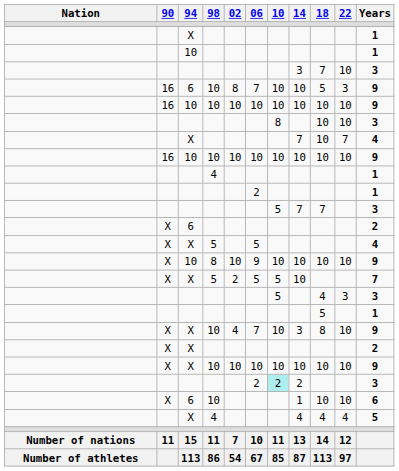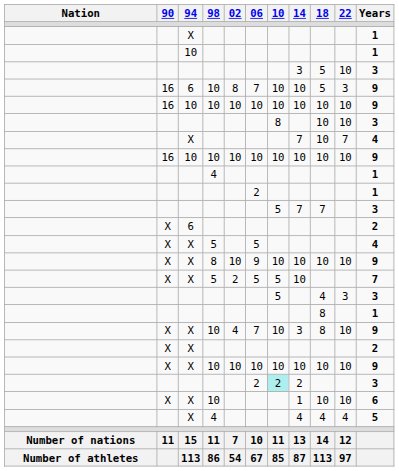 <table class=wikitable style="text-align:center">
 <tr>
 <th width=180>Nation</th>
 <th width=20><a href='#'>90</a></th>
 <th width=20><a href='#'>94</a></th>
 <th width=20><a href='#'>98</a></th>
 <th width=20><a href='#'>02</a></th>
 <th width=20><a href='#'>06</a></th>
 <th width=20><a href='#'>10</a></th>
 <th width=20><a href='#'>14</a></th>
 <th width=20><a href='#'>18</a></th>
 <th width=20><a href='#'>22</a></th>
 <th width=40>Years</th>
 </tr>
 <tr bgcolor=#DDDDDD>
 <td colspan=11></td>
 </tr>
 <tr>
 <td align=left></td>
 <td></td>
 <td>X</td>
 <td></td>
 <td></td>
 <td></td>
 <td></td>
 <td></td>
 <td></td>
 <td></td>
 <td><strong>1</strong></td>
 </tr>
 <tr>
 <td align=left></td>
 <td></td>
 <td>10</td>
 <td></td>
 <td></td>
 <td></td>
 <td></td>
 <td></td>
 <td></td>
 <td></td>
 <td><strong>1</strong></td>
 </tr>
 <tr>
 <td align=left></td>
 <td></td>
 <td></td>
 <td></td>
 <td></td>
 <td></td>
 <td></td>
 <td>3</td>
-<td>7</td>
+<td>5</td>
 <td>10</td>
 <td><strong>3</strong></td>
 </tr>
 <tr>
 <td align=left></td>
 <td>16</td>
 <td>6</td>
 <td>10</td>
 <td>8</td>
 <td>7</td>
 <td>10</td>
 <td>10</td>
 <td>5</td>
 <td>3</td>
 <td><strong>9</strong></td>
 </tr>
 <tr>
 <td align=left></td>
 <td>16</td>
 <td>10</td>
 <td>10</td>
 <td>10</td>
 <td>10</td>
 <td>10</td>
 <td>10</td>
 <td>10</td>
 <td>10</td>
 <td><strong>9</strong></td>
 </tr>
 <tr>
 <td align=left></td>
 <td></td>
 <td></td>
 <td></td>
 <td></td>
 <td></td>
 <td>8</td>
 <td></td>
 <td>10</td>
 <td>10</td>
 <td><strong>3</strong></td>
 </tr>
 <tr>
 <td align=left></td>
 <td></td>
 <td>X</td>
 <td></td>
 <td></td>
 <td></td>
 <td></td>
 <td>7</td>
 <td>10</td>
 <td>7</td>
 <td><strong>4</strong></td>
 </tr>
 <tr>
 <td align=left></td>
 <td>16</td>
 <td>10</td>
 <td>10</td>
 <td>10</td>
 <td>10</td>
 <td>10</td>
 <td>10</td>
 <td>10</td>
 <td>10</td>
 <td><strong>9</strong></td>
 </tr>
 <tr>
 <td align=left></td>
 <td></td>
 <td></td>
 <td>4</td>
 <td></td>
 <td></td>
 <td></td>
 <td></td>
 <td></td>
 <td></td>
 <td><strong>1</strong></td>
 </tr>
 <tr>
 <td align=left></td>
 <td></td>
 <td></td>
 <td></td>
 <td></td>
 <td>2</td>
 <td></td>
 <td></td>
 <td></td>
 <td></td>
 <td><strong>1</strong></td>
 </tr>
 <tr>
 <td align=left></td>
 <td></td>
 <td></td>
 <td></td>
 <td></td>
 <td></td>
 <td>5</td>
 <td>7</td>
 <td>7</td>
 <td></td>
 <td><strong>3</strong></td>
 </tr>
 <tr>
 <td align=left></td>
 <td>X</td>
 <td>6</td>
 <td></td>
 <td></td>
 <td></td>
 <td></td>
 <td></td>
 <td></td>
 <td></td>
 <td><strong>2</strong></td>
 </tr>
 <tr>
 <td align=left></td>
 <td>X</td>
 <td>X</td>
 <td>5</td>
 <td></td>
 <td>5</td>
 <td></td>
 <td></td>
 <td></td>
 <td></td>
 <td><strong>4</strong></td>
 </tr>
 <tr>
 <td align=left></td>
 <td>X</td>
-<td>10</td>
+<td>X</td>
 <td>8</td>
 <td>10</td>
 <td>9</td>
 <td>10</td>
 <td>10</td>
 <td>10</td>
 <td>10</td>
 <td><strong>9</strong></td>
 </tr>
 <tr>
 <td align=left></td>
 <td>X</td>
 <td>X</td>
 <td>5</td>
 <td>2</td>
 <td>5</td>
 <td>5</td>
 <td>10</td>
 <td></td>
 <td></td>
 <td><strong>7</strong></td>
 </tr>
 <tr>
 <td align=left></td>
 <td></td>
 <td></td>
 <td></td>
 <td></td>
 <td></td>
 <td>5</td>
 <td></td>
 <td>4</td>
 <td>3</td>
 <td><strong>3</strong></td>
 </tr>
 <tr>
 <td align=left></td>
 <td></td>
 <td></td>
 <td></td>
 <td></td>
 <td></td>
 <td></td>
 <td></td>
-<td>5</td>
+<td>8</td>
 <td></td>
 <td><strong>1</strong></td>
 </tr>
 <tr>
 <td align=left></td>
 <td>X</td>
 <td>X</td>
 <td>10</td>
 <td>4</td>
 <td>7</td>
 <td>10</td>
 <td>3</td>
 <td>8</td>
 <td>10</td>
 <td><strong>9</strong></td>
 </tr>
 <tr>
 <td align=left></td>
 <td>X</td>
 <td>X</td>
 <td></td>
 <td></td>
 <td></td>
 <td></td>
 <td></td>
 <td></td>
 <td></td>
 <td><strong>2</strong></td>
 </tr>
 <tr>
 <td align=left></td>
 <td>X</td>
 <td>X</td>
 <td>10</td>
 <td>10</td>
 <td>10</td>
 <td>10</td>
 <td>10</td>
 <td>10</td>
 <td>10</td>
 <td><strong>9</strong></td>
 </tr>
 <tr>
 <td align=left></td>
 <td></td>
 <td></td>
 <td></td>
 <td></td>
 <td>2</td>
 <td style="background: paleturquoise;">2</td>
 <td>2</td>
 <td></td>
 <td></td>
 <td><strong>3</strong></td>
 </tr>
 <tr>
 <td align=left></td>
 <td>X</td>
-<td>6</td>
+<td>X</td>
 <td>10</td>
 <td></td>
 <td></td>
 <td></td>
 <td>1</td>
 <td>10</td>
 <td>10</td>
 <td><strong>6</strong></td>
 </tr>
 <tr>
 <td align=left></td>
 <td></td>
 <td>X</td>
 <td>4</td>
 <td></td>
 <td></td>
 <td></td>
 <td>4</td>
 <td>4</td>
 <td>4</td>
 <td><strong>5</strong></td>
 </tr>
 <tr bgcolor=#DDDDDD>
 <td colspan=11></td>
 </tr>
 <tr>
 <th>Number of nations</th>
 <th>11</th>
 <th>15</th>
 <th>11</th>
 <th>7</th>
 <th>10</th>
 <th>11</th>
 <th>13</th>
 <th>14</th>
 <th>12</th>
 <th></th>
 </tr>
 <tr>
 <th>Number of athletes</th>
 <th></th>
 <th>113</th>
 <th>86</th>
 <th>54</th>
 <th>67</th>
 <th>85</th>
 <th>87</th>
 <th>113</th>
 <th>97</th>
 <th></th>
 </tr>
 </table>
